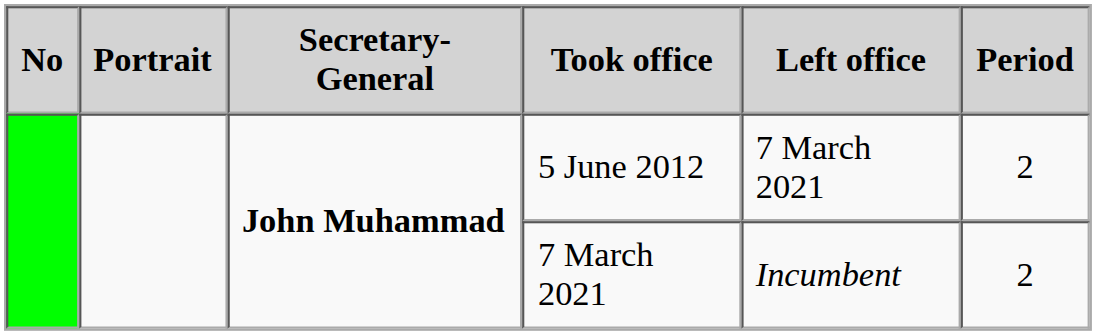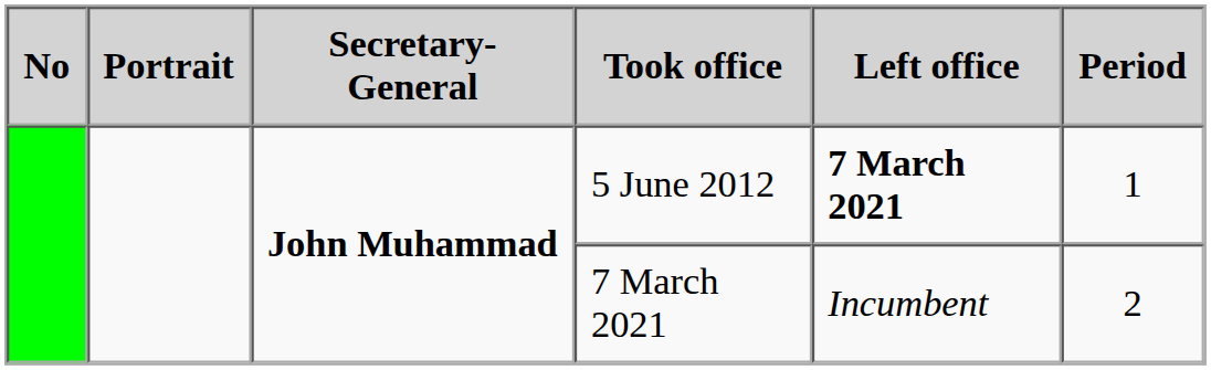 <table class="sortable" width="40%" border="2" cellpadding="6" cellspacing="0" style="margin: 1em 1em 1em 0; background: #f9f9f9; border: 1px #aaa solid;">
 <tr bgcolor=#d3d3d3>
 <th>No</th>
 <th>Portrait</th>
 <th>Secretary-General</th>
 <th>Took office</th>
 <th>Left office</th>
 <th>Period</th>
 </tr>
 <tr>
 <th rowspan=2 style="background-color:#00FF00;text-align:center;"></th>
 <td rowspan=2></td>
 <td rowspan=2><strong>John Muhammad</strong></td>
 <td>5 June 2012</td>
-<td>7 March 2021</td>
-<td style="text-align:center;">2</td>
+<td><strong>7 March 2021</strong></td>
+<td style="text-align:center;">1</td>
 </tr>
 <tr>
 <td>7 March 2021</td>
 <td><em>Incumbent</em></td>
 <td style="text-align:center;">2</td>
 </tr>
 </table>
